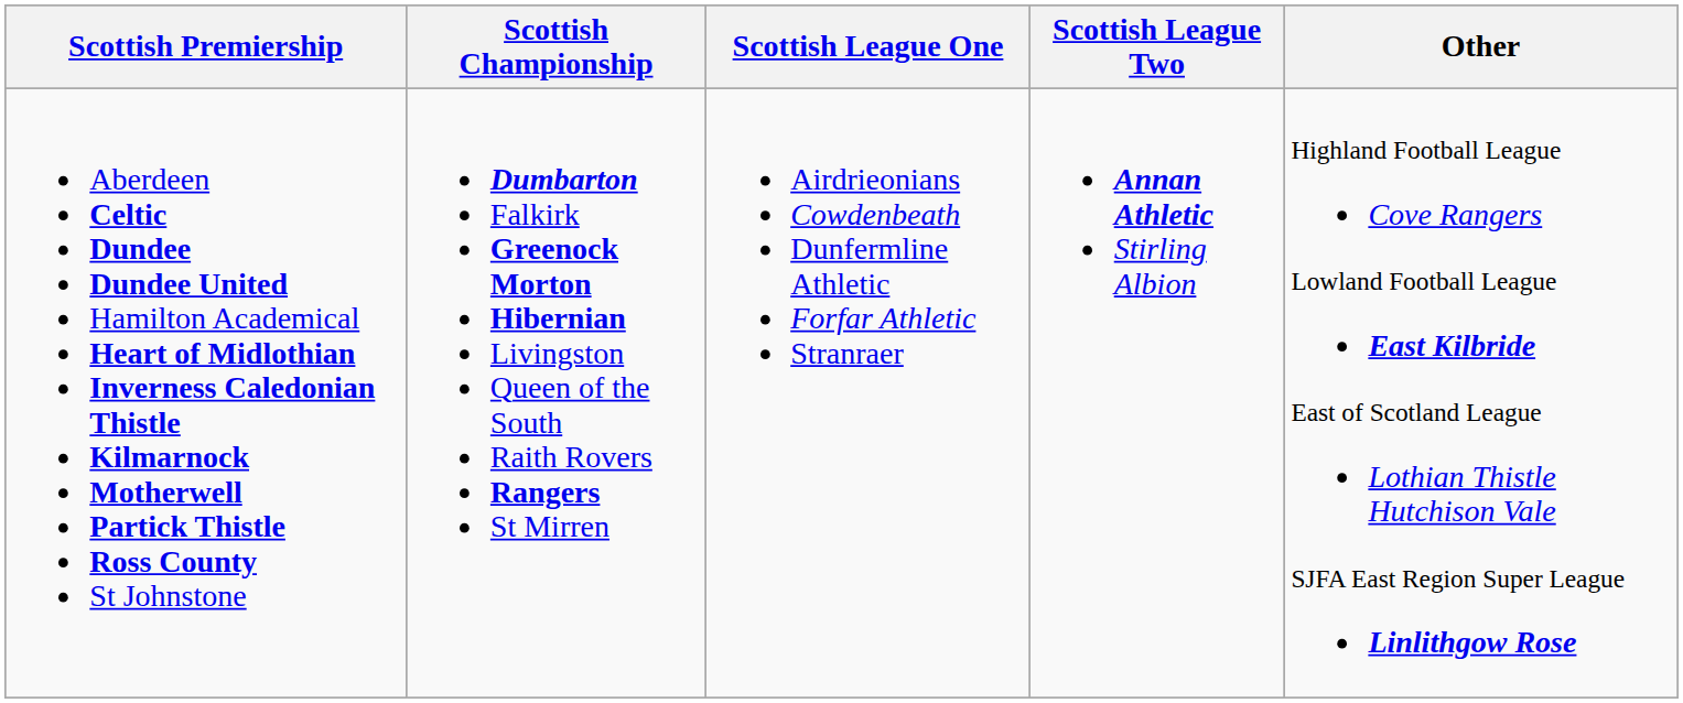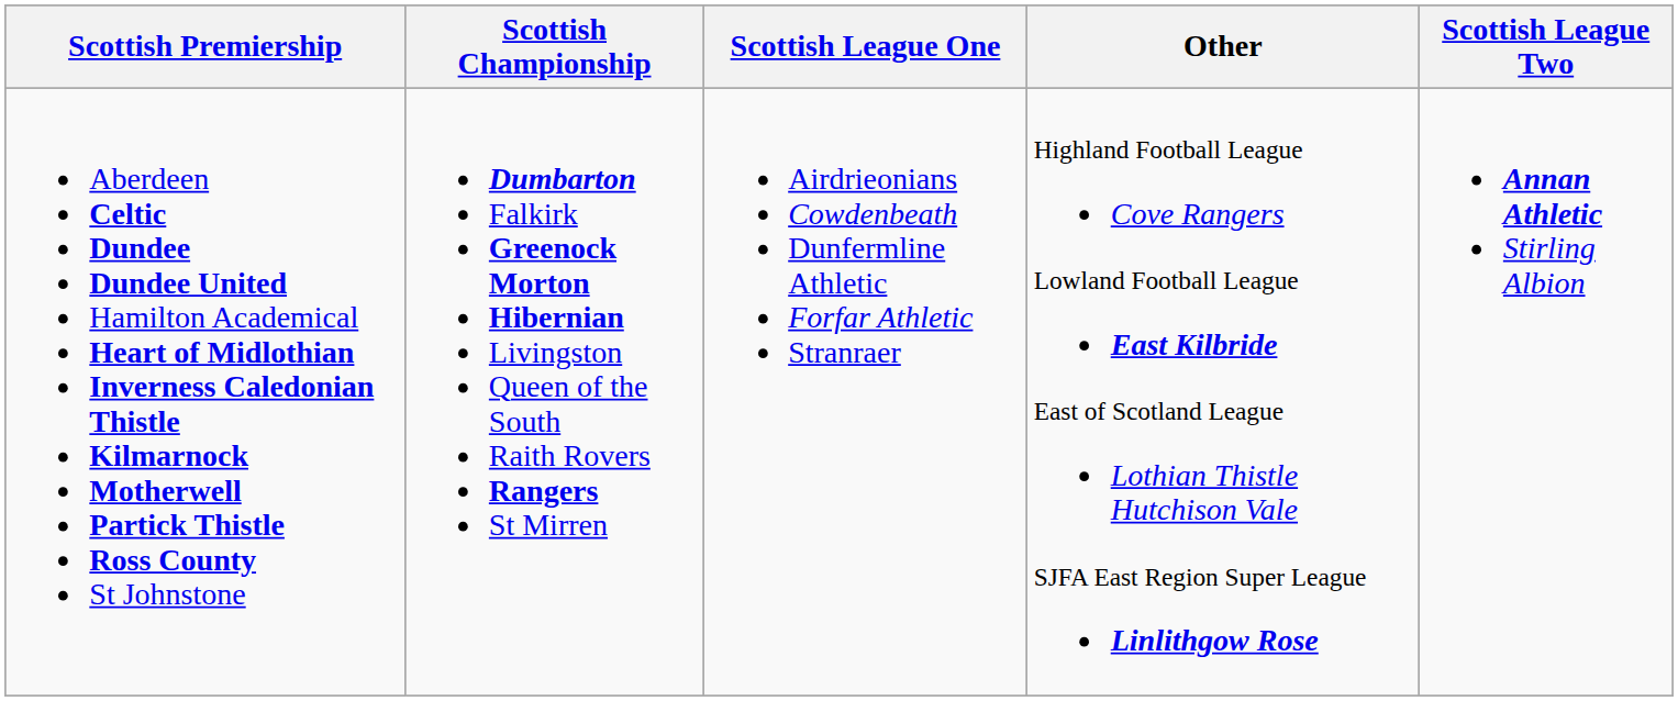 <table class="wikitable" style="text-align:left">
 <tr>
 <th><a href='#'>Scottish Premiership</a></th>
 <th><a href='#'>Scottish Championship</a></th>
 <th><a href='#'>Scottish League One</a></th>
+<th>Other</th>
 <th><a href='#'>Scottish League Two</a></th>
-<th>Other</th>
 </tr>
 <tr>
 <td valign=top><br><ul><li><a href='#'>Aberdeen</a></li><li><strong><a href='#'>Celtic</a></strong></li><li><strong><a href='#'>Dundee</a></strong></li><li><strong><a href='#'>Dundee United</a></strong></li><li><a href='#'>Hamilton Academical</a></li><li><strong><a href='#'>Heart of Midlothian</a></strong></li><li><strong><a href='#'>Inverness Caledonian Thistle</a></strong></li><li><strong><a href='#'>Kilmarnock</a></strong></li><li><strong><a href='#'>Motherwell</a></strong></li><li><strong><a href='#'>Partick Thistle</a></strong></li><li><strong><a href='#'>Ross County</a></strong></li><li><a href='#'>St Johnstone</a></li></ul></td>
 <td valign=top><br><ul><li><strong><em><a href='#'>Dumbarton</a></em></strong></li><li><a href='#'>Falkirk</a></li><li><strong><a href='#'>Greenock Morton</a></strong></li><li><strong><a href='#'>Hibernian</a></strong></li><li><a href='#'>Livingston</a></li><li><a href='#'>Queen of the South</a></li><li><a href='#'>Raith Rovers</a></li><li><strong><a href='#'>Rangers</a></strong></li><li><a href='#'>St Mirren</a></li></ul></td>
 <td valign=top><br><ul><li><a href='#'>Airdrieonians</a></li><li><em><a href='#'>Cowdenbeath</a></em></li><li><a href='#'>Dunfermline Athletic</a></li><li><em><a href='#'>Forfar Athletic</a></em></li><li><a href='#'>Stranraer</a></li></ul></td>
+<td valign=top><br><small>Highland Football League</small><ul><li><em><a href='#'>Cove Rangers</a></em></li></ul><small>Lowland Football League</small><ul><li><strong><em><a href='#'>East Kilbride</a></em></strong></li></ul><small>East of Scotland League</small><ul><li><em><a href='#'>Lothian Thistle Hutchison Vale</a></em></li></ul><small>SJFA East Region Super League</small><ul><li><strong><em><a href='#'>Linlithgow Rose</a></em></strong></li></ul></td>
 <td valign=top><br><ul><li><strong><em><a href='#'>Annan Athletic</a></em></strong></li><li><em><a href='#'>Stirling Albion</a></em></li></ul></td>
-<td valign=top><br><small>Highland Football League</small><ul><li><em><a href='#'>Cove Rangers</a></em></li></ul><small>Lowland Football League</small><ul><li><strong><em><a href='#'>East Kilbride</a></em></strong></li></ul><small>East of Scotland League</small><ul><li><em><a href='#'>Lothian Thistle Hutchison Vale</a></em></li></ul><small>SJFA East Region Super League</small><ul><li><strong><em><a href='#'>Linlithgow Rose</a></em></strong></li></ul></td>
 </tr>
 </table>
